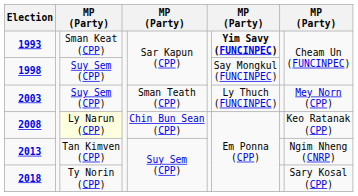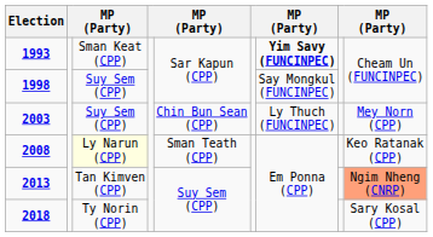 <table class="wikitable" style="text-align:center">
 <tr>
 <th>Election</th>
 <th colspan=2>MP<br>(Party)</th>
 <th colspan=2>MP<br>(Party)</th>
 <th colspan=2>MP<br>(Party)</th>
 <th colspan=2>MP<br>(Party)</th>
 </tr>
 <tr>
 <td><strong><a href='#'>1993</a></strong></td>
 <td rowspan=6; style="background-color: "></td>
 <td rowspan=1>Sman Keat<br>(<a href='#'>CPP</a>)</td>
 <td rowspan=6; style="background-color: "></td>
 <td rowspan=2>Sar Kapun<br>(<a href='#'>CPP</a>)</td>
 <td rowspan=3; style="background-color: "></td>
 <td rowspan=1><strong>Yim Savy<br>(<a href='#'>FUNCINPEC</a>)</strong></td>
 <td rowspan=2; style="background-color: "></td>
 <td rowspan=2>Cheam Un<br>(<a href='#'>FUNCINPEC</a>)</td>
 </tr>
 <tr>
 <td><strong><a href='#'>1998</a></strong></td>
 <td rowspan=1><a href='#'>Suy Sem</a><br>(<a href='#'>CPP</a>)</td>
 <td rowspan=1>Say Mongkul<br>(<a href='#'>FUNCINPEC</a>)</td>
 </tr>
 <tr>
 <td><strong><a href='#'>2003</a></strong></td>
 <td rowspan=1><a href='#'>Suy Sem</a><br>(<a href='#'>CPP</a>)</td>
-<td rowspan=1>Sman Teath<br>(<a href='#'>CPP</a>)</td>
+<td rowspan=1><a href='#'>Chin Bun Sean</a><br>(<a href='#'>CPP</a>)</td>
 <td rowspan=1>Ly Thuch<br>(<a href='#'>FUNCINPEC</a>)</td>
 <td rowspan=1; style="background-color: "></td>
 <td rowspan=1><a href='#'>Mey Norn</a><br>(<a href='#'>CPP</a>)</td>
 </tr>
 <tr>
 <td><strong><a href='#'>2008</a></strong></td>
 <td rowspan=1 style="background: lightyellow;">Ly Narun<br>(<a href='#'>CPP</a>)</td>
-<td rowspan=1><a href='#'>Chin Bun Sean</a><br>(<a href='#'>CPP</a>)</td>
+<td rowspan=1>Sman Teath<br>(<a href='#'>CPP</a>)</td>
 <td rowspan=3; style="background-color: "></td>
 <td rowspan=3>Em Ponna<br>(<a href='#'>CPP</a>)</td>
 <td rowspan=1; style="background-color: "></td>
 <td rowspan=1>Keo Ratanak<br>(<a href='#'>CPP</a>)</td>
 </tr>
 <tr>
 <td><strong><a href='#'>2013</a></strong></td>
 <td rowspan=1>Tan Kimven<br>(<a href='#'>CPP</a>)</td>
 <td rowspan=2><a href='#'>Suy Sem</a><br>(<a href='#'>CPP</a>)</td>
 <td rowspan=1; style="background-color: "></td>
-<td rowspan=1>Ngim Nheng<br>(<a href='#'>CNRP</a>)</td>
+<td rowspan=1 style="background: lightsalmon;">Ngim Nheng<br>(<a href='#'>CNRP</a>)</td>
 </tr>
 <tr>
 <td><strong><a href='#'>2018</a></strong></td>
 <td rowspan=1>Ty Norin<br>(<a href='#'>CPP</a>)</td>
 <td rowspan=1; style="background-color: "></td>
 <td rowspan=1>Sary Kosal<br>(<a href='#'>CPP</a>)</td>
 </tr>
 </table>
